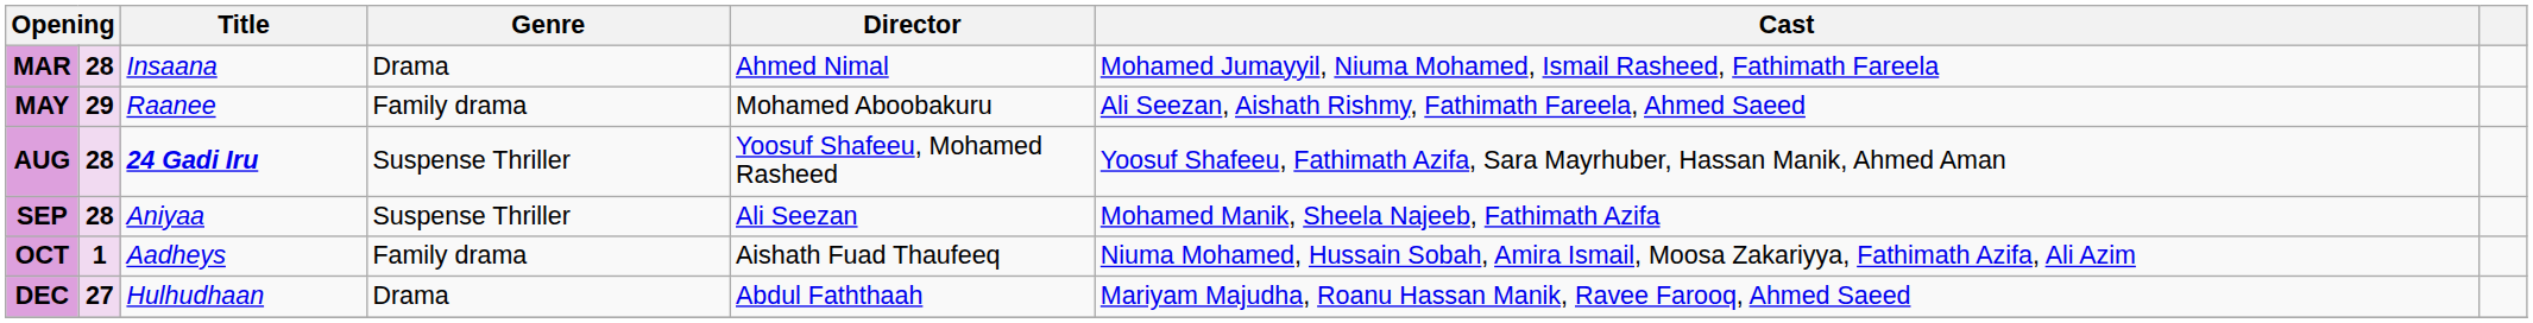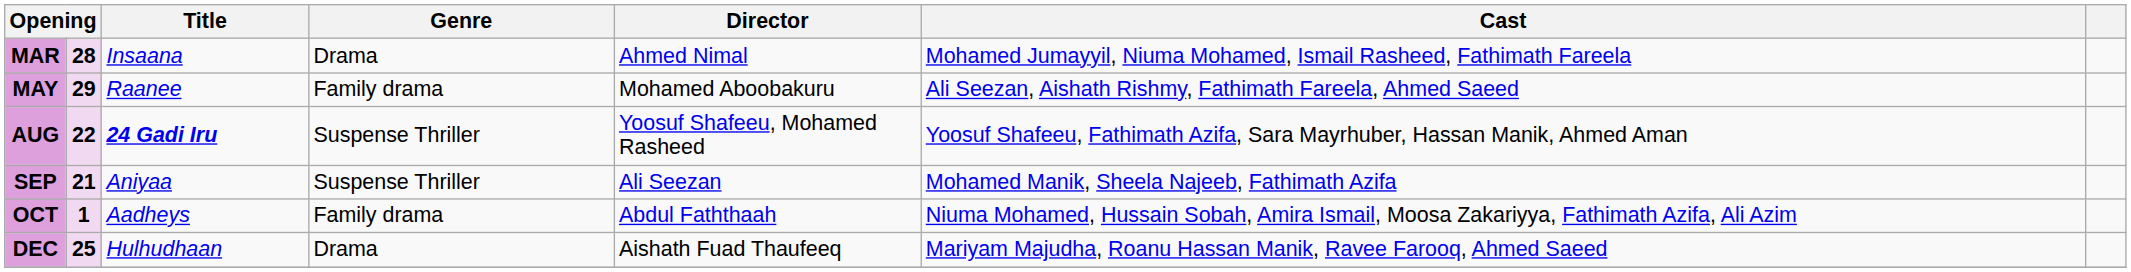 <table class="wikitable plainrowheaders" width="100%">
 <tr>
 <th scope="col" colspan="2">Opening</th>
 <th scope="col" width=10%>Title</th>
 <th scope="col" width=15%>Genre</th>
 <th scope="col" width=15%>Director</th>
 <th scope="col" width=58%>Cast</th>
 <th scope="col" width=2%></th>
 </tr>
 <tr>
 <td style="text-align:center; background:plum; textcolor:#000;"><strong>MAR</strong></td>
 <td style="text-align:center; background:#f1daf1;"><strong>28</strong></td>
 <td><em><a href='#'>Insaana</a></em></td>
 <td>Drama</td>
 <td><a href='#'>Ahmed Nimal</a></td>
 <td><a href='#'>Mohamed Jumayyil</a>, <a href='#'>Niuma Mohamed</a>, <a href='#'>Ismail Rasheed</a>, <a href='#'>Fathimath Fareela</a></td>
 <td style="text-align:center;"></td>
 </tr>
 <tr>
 <td style="text-align:center; background:plum; textcolor:#000;"><strong>MAY</strong></td>
 <td style="text-align:center; background:#f1daf1;"><strong>29</strong></td>
 <td><em><a href='#'>Raanee</a></em></td>
 <td>Family drama</td>
 <td>Mohamed Aboobakuru</td>
 <td><a href='#'>Ali Seezan</a>, <a href='#'>Aishath Rishmy</a>, <a href='#'>Fathimath Fareela</a>, <a href='#'>Ahmed Saeed</a></td>
 <td style="text-align:center;"></td>
 </tr>
 <tr>
 <td style="text-align:center; background:plum; textcolor:#000;"><strong>AUG</strong></td>
-<td style="text-align:center; background:#f1daf1;"><strong>28</strong></td>
+<td style="text-align:center; background:#f1daf1;"><strong>22</strong></td>
 <td><strong><em><a href='#'>24 Gadi Iru</a></em></strong></td>
 <td>Suspense Thriller</td>
 <td><a href='#'>Yoosuf Shafeeu</a>, Mohamed Rasheed</td>
 <td><a href='#'>Yoosuf Shafeeu</a>, <a href='#'>Fathimath Azifa</a>, Sara Mayrhuber, Hassan Manik, Ahmed Aman</td>
 <td style="text-align:center;"></td>
 </tr>
 <tr>
 <td style="text-align:center; background:plum; textcolor:#000;"><strong>SEP</strong></td>
-<td style="text-align:center; background:#f1daf1;"><strong>28</strong></td>
+<td style="text-align:center; background:#f1daf1;"><strong>21</strong></td>
 <td><em><a href='#'>Aniyaa</a></em></td>
 <td>Suspense Thriller</td>
 <td><a href='#'>Ali Seezan</a></td>
 <td><a href='#'>Mohamed Manik</a>, <a href='#'>Sheela Najeeb</a>, <a href='#'>Fathimath Azifa</a></td>
 <td style="text-align:center;"></td>
 </tr>
 <tr>
 <td style="text-align:center; background:plum; textcolor:#000;"><strong>OCT</strong></td>
 <td style="text-align:center; background:#f1daf1;"><strong>1</strong></td>
 <td><em><a href='#'>Aadheys</a></em></td>
 <td>Family drama</td>
-<td>Aishath Fuad Thaufeeq</td>
+<td><a href='#'>Abdul Faththaah</a></td>
 <td><a href='#'>Niuma Mohamed</a>, <a href='#'>Hussain Sobah</a>, <a href='#'>Amira Ismail</a>, Moosa Zakariyya, <a href='#'>Fathimath Azifa</a>, <a href='#'>Ali Azim</a></td>
 <td style="text-align:center;"></td>
 </tr>
 <tr>
 <td style="text-align:center; background:plum; textcolor:#000;"><strong>DEC</strong></td>
-<td style="text-align:center; background:#f1daf1;"><strong>27</strong></td>
+<td style="text-align:center; background:#f1daf1;"><strong>25</strong></td>
 <td><em><a href='#'>Hulhudhaan</a></em></td>
 <td>Drama</td>
-<td><a href='#'>Abdul Faththaah</a></td>
+<td>Aishath Fuad Thaufeeq</td>
 <td><a href='#'>Mariyam Majudha</a>, <a href='#'>Roanu Hassan Manik</a>, <a href='#'>Ravee Farooq</a>, <a href='#'>Ahmed Saeed</a></td>
 <td style="text-align:center;"></td>
 </tr>
 <tr>
 </tr>
 </table>
